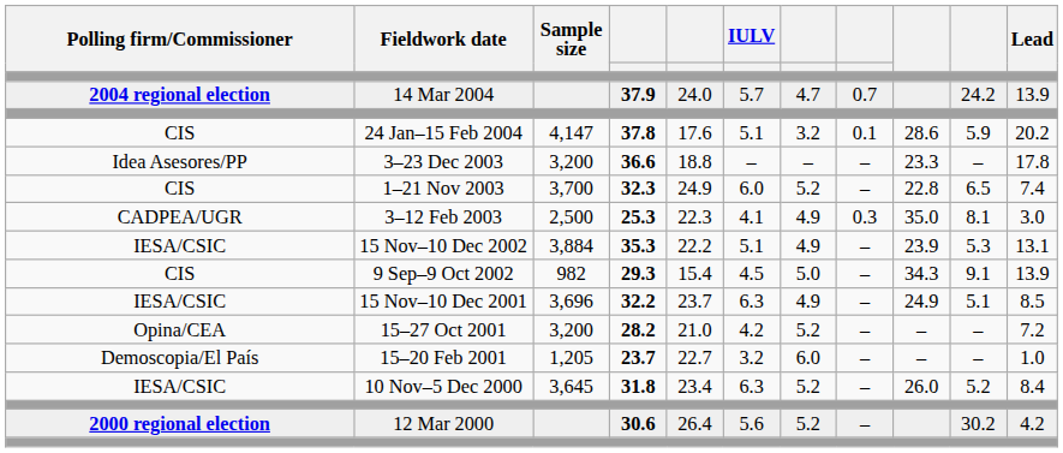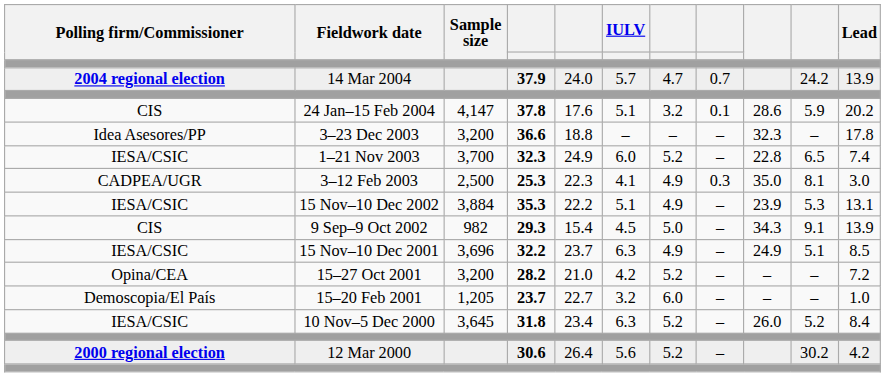 <table class="wikitable collapsible collapsed" style="text-align:center; font-size:90%; line-height:14px;">
 <tr style="height:42px;">
 <th style="width:250px;" rowspan="2">Polling firm/Commissioner</th>
 <th style="width:125px;" rowspan="2">Fieldwork date</th>
 <th style="width:50px;" rowspan="2">Sample size</th>
 <th style="width:35px;"></th>
 <th style="width:35px;"></th>
 <th style="width:35px;"><a href='#'>IULV</a></th>
 <th style="width:35px;"></th>
 <th style="width:35px;"></th>
 <th style="width:35px;" rowspan="2"></th>
 <th style="width:35px;" rowspan="2"></th>
 <th style="width:30px;" rowspan="2">Lead</th>
 </tr>
 <tr>
 <th style="color:inherit;background:"></th>
 <th style="color:inherit;background:"></th>
 <th style="color:inherit;background:"></th>
 <th style="color:inherit;background:"></th>
 <th style="color:inherit;background:"></th>
 </tr>
 <tr>
 <td colspan="11" style="background:#A0A0A0"></td>
 </tr>
 <tr style="background:#EFEFEF;">
 <td><strong><a href='#'>2004 regional election</a></strong></td>
 <td>14 Mar 2004</td>
 <td></td>
 <td><strong>37.9</strong></td>
 <td>24.0</td>
 <td>5.7</td>
 <td>4.7</td>
 <td>0.7</td>
 <td></td>
 <td>24.2</td>
 <td style="background:">13.9</td>
 </tr>
 <tr>
 <td colspan="11" style="background:#A0A0A0"></td>
 </tr>
 <tr>
 <td>CIS</td>
 <td>24 Jan–15 Feb 2004</td>
 <td>4,147</td>
 <td><strong>37.8</strong></td>
 <td>17.6</td>
 <td>5.1</td>
 <td>3.2</td>
 <td>0.1</td>
 <td>28.6</td>
 <td>5.9</td>
 <td style="background:">20.2</td>
 </tr>
 <tr>
 <td>Idea Asesores/PP</td>
 <td>3–23 Dec 2003</td>
 <td>3,200</td>
 <td><strong>36.6</strong></td>
 <td>18.8</td>
 <td>–</td>
 <td>–</td>
 <td>–</td>
-<td>23.3</td>
+<td>32.3</td>
 <td>–</td>
 <td style="background:">17.8</td>
 </tr>
 <tr>
-<td>CIS</td>
+<td>IESA/CSIC</td>
 <td>1–21 Nov 2003</td>
 <td>3,700</td>
 <td><strong>32.3</strong></td>
 <td>24.9</td>
 <td>6.0</td>
 <td>5.2</td>
 <td>–</td>
 <td>22.8</td>
 <td>6.5</td>
 <td style="background:">7.4</td>
 </tr>
 <tr>
 <td>CADPEA/UGR</td>
 <td>3–12 Feb 2003</td>
 <td>2,500</td>
 <td><strong>25.3</strong></td>
 <td>22.3</td>
 <td>4.1</td>
 <td>4.9</td>
 <td>0.3</td>
 <td>35.0</td>
 <td>8.1</td>
 <td style="background:">3.0</td>
 </tr>
 <tr>
 <td>IESA/CSIC</td>
 <td>15 Nov–10 Dec 2002</td>
 <td>3,884</td>
 <td><strong>35.3</strong></td>
 <td>22.2</td>
 <td>5.1</td>
 <td>4.9</td>
 <td>–</td>
 <td>23.9</td>
 <td>5.3</td>
 <td style="background:">13.1</td>
 </tr>
 <tr>
 <td>CIS</td>
 <td>9 Sep–9 Oct 2002</td>
 <td>982</td>
 <td><strong>29.3</strong></td>
 <td>15.4</td>
 <td>4.5</td>
 <td>5.0</td>
 <td>–</td>
 <td>34.3</td>
 <td>9.1</td>
 <td style="background:">13.9</td>
 </tr>
 <tr>
 <td>IESA/CSIC</td>
 <td>15 Nov–10 Dec 2001</td>
 <td>3,696</td>
 <td><strong>32.2</strong></td>
 <td>23.7</td>
 <td>6.3</td>
 <td>4.9</td>
 <td>–</td>
 <td>24.9</td>
 <td>5.1</td>
 <td style="background:">8.5</td>
 </tr>
 <tr>
 <td>Opina/CEA</td>
 <td>15–27 Oct 2001</td>
 <td>3,200</td>
 <td><strong>28.2</strong></td>
 <td>21.0</td>
 <td>4.2</td>
 <td>5.2</td>
 <td>–</td>
 <td>–</td>
 <td>–</td>
 <td style="background:">7.2</td>
 </tr>
 <tr>
 <td>Demoscopia/El País</td>
 <td>15–20 Feb 2001</td>
 <td>1,205</td>
 <td><strong>23.7</strong></td>
 <td>22.7</td>
 <td>3.2</td>
 <td>6.0</td>
 <td>–</td>
 <td>–</td>
 <td>–</td>
 <td style="background:">1.0</td>
 </tr>
 <tr>
 <td>IESA/CSIC</td>
 <td>10 Nov–5 Dec 2000</td>
 <td>3,645</td>
 <td><strong>31.8</strong></td>
 <td>23.4</td>
 <td>6.3</td>
 <td>5.2</td>
 <td>–</td>
 <td>26.0</td>
 <td>5.2</td>
 <td style="background:">8.4</td>
 </tr>
 <tr>
 <td colspan="11" style="background:#A0A0A0"></td>
 </tr>
 <tr style="background:#EFEFEF;">
 <td><strong><a href='#'>2000 regional election</a></strong></td>
 <td>12 Mar 2000</td>
 <td></td>
 <td><strong>30.6</strong></td>
 <td>26.4</td>
 <td>5.6</td>
 <td>5.2</td>
 <td>–</td>
 <td></td>
 <td>30.2</td>
 <td style="background:">4.2</td>
 </tr>
 <tr>
 <td colspan="11" style="background:#A0A0A0"></td>
 </tr>
 </table>
